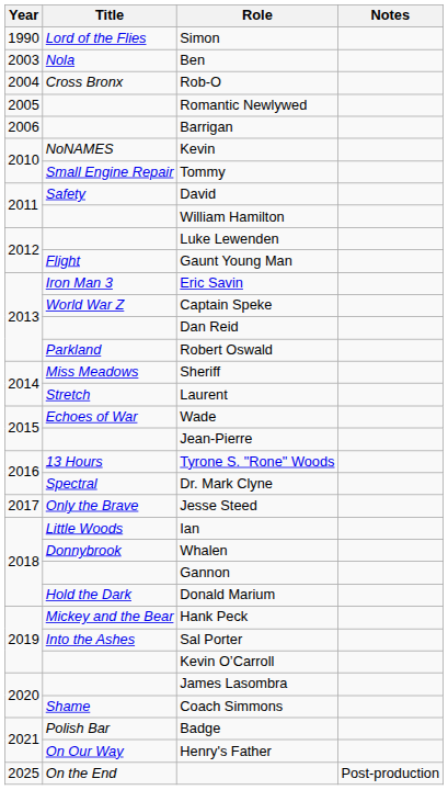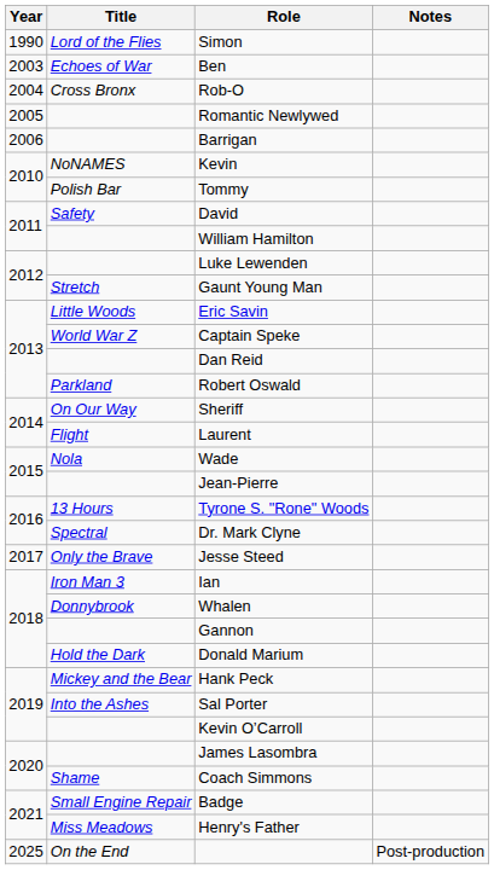 <table class="wikitable sortable">
 <tr>
 <th>Year</th>
 <th>Title</th>
 <th>Role</th>
 <th>Notes</th>
 </tr>
 <tr>
 <td>1990</td>
 <td><em><a href='#'>Lord of the Flies</a></em></td>
 <td>Simon</td>
 <td></td>
 </tr>
 <tr>
 <td>2003</td>
-<td><em><a href='#'>Nola</a></em></td>
+<td><em><a href='#'>Echoes of War</a></em></td>
 <td>Ben</td>
 <td></td>
 </tr>
 <tr>
 <td>2004</td>
 <td><em>Cross Bronx</em></td>
 <td>Rob-O</td>
 <td></td>
 </tr>
 <tr>
 <td>2005</td>
 <td><em></em></td>
 <td>Romantic Newlywed</td>
 <td></td>
 </tr>
 <tr>
 <td>2006</td>
 <td><em></em></td>
 <td>Barrigan</td>
 <td></td>
 </tr>
 <tr>
 <td rowspan="2">2010</td>
 <td><em>NoNAMES</em></td>
 <td>Kevin</td>
 <td></td>
 </tr>
 <tr>
-<td><em><a href='#'>Small Engine Repair</a></em></td>
+<td><em>Polish Bar</em></td>
 <td>Tommy</td>
 <td></td>
 </tr>
 <tr>
 <td rowspan="2">2011</td>
 <td><em><a href='#'>Safety</a></em></td>
 <td>David</td>
 <td></td>
 </tr>
 <tr>
 <td><em></em></td>
 <td>William Hamilton</td>
 <td></td>
 </tr>
 <tr>
 <td rowspan="2">2012</td>
 <td><em></em></td>
 <td>Luke Lewenden</td>
 <td></td>
 </tr>
 <tr>
-<td><em><a href='#'>Flight</a></em></td>
+<td><em><a href='#'>Stretch</a></em></td>
 <td>Gaunt Young Man</td>
 <td></td>
 </tr>
 <tr>
 <td rowspan="4">2013</td>
-<td><em><a href='#'>Iron Man 3</a></em></td>
+<td><em><a href='#'>Little Woods</a></em></td>
 <td><a href='#'>Eric Savin</a></td>
 <td></td>
 </tr>
 <tr>
 <td><em><a href='#'>World War Z</a></em></td>
 <td>Captain Speke</td>
 <td></td>
 </tr>
 <tr>
 <td><em></em></td>
 <td>Dan Reid</td>
 <td></td>
 </tr>
 <tr>
 <td><em><a href='#'>Parkland</a></em></td>
 <td>Robert Oswald</td>
 <td></td>
 </tr>
 <tr>
 <td rowspan="2">2014</td>
-<td><em><a href='#'>Miss Meadows</a></em></td>
+<td><em><a href='#'>On Our Way</a></em></td>
 <td>Sheriff</td>
 <td></td>
 </tr>
 <tr>
-<td><em><a href='#'>Stretch</a></em></td>
+<td><em><a href='#'>Flight</a></em></td>
 <td>Laurent</td>
 <td></td>
 </tr>
 <tr>
 <td rowspan="2">2015</td>
-<td><em><a href='#'>Echoes of War</a></em></td>
+<td><em><a href='#'>Nola</a></em></td>
 <td>Wade</td>
 <td></td>
 </tr>
 <tr>
 <td><em></em></td>
 <td>Jean-Pierre</td>
 <td></td>
 </tr>
 <tr>
 <td rowspan="2">2016</td>
 <td><em><a href='#'>13 Hours</a></em></td>
 <td><a href='#'>Tyrone S. "Rone" Woods</a></td>
 <td></td>
 </tr>
 <tr>
 <td><em><a href='#'>Spectral</a></em></td>
 <td>Dr. Mark Clyne</td>
 <td></td>
 </tr>
 <tr>
 <td>2017</td>
 <td><em><a href='#'>Only the Brave</a></em></td>
 <td>Jesse Steed</td>
 <td></td>
 </tr>
 <tr>
 <td rowspan="4">2018</td>
-<td><em><a href='#'>Little Woods</a></em></td>
+<td><em><a href='#'>Iron Man 3</a></em></td>
 <td>Ian</td>
 <td></td>
 </tr>
 <tr>
 <td><em><a href='#'>Donnybrook</a></em></td>
 <td>Whalen</td>
 <td></td>
 </tr>
 <tr>
 <td></td>
 <td>Gannon</td>
 <td></td>
 </tr>
 <tr>
 <td><em><a href='#'>Hold the Dark</a></em></td>
 <td>Donald Marium</td>
 <td></td>
 </tr>
 <tr>
 <td rowspan="3">2019</td>
 <td><em><a href='#'>Mickey and the Bear</a></em></td>
 <td>Hank Peck</td>
 <td></td>
 </tr>
 <tr>
 <td><em><a href='#'>Into the Ashes</a></em></td>
 <td>Sal Porter</td>
 <td></td>
 </tr>
 <tr>
 <td><em></em></td>
 <td>Kevin O’Carroll</td>
 <td></td>
 </tr>
 <tr>
 <td rowspan="2">2020</td>
 <td><em></em></td>
 <td>James Lasombra</td>
 <td></td>
 </tr>
 <tr>
 <td><em><a href='#'>Shame</a></em></td>
 <td>Coach Simmons</td>
 <td></td>
 </tr>
 <tr>
 <td rowspan="2">2021</td>
-<td><em>Polish Bar</em></td>
+<td><em><a href='#'>Small Engine Repair</a></em></td>
 <td>Badge</td>
 <td></td>
 </tr>
 <tr>
-<td><em><a href='#'>On Our Way</a></em></td>
+<td><em><a href='#'>Miss Meadows</a></em></td>
 <td>Henry's Father</td>
 <td></td>
 </tr>
 <tr>
 <td>2025</td>
 <td><em>On the End</em></td>
 <td></td>
 <td>Post-production</td>
 </tr>
 </table>
